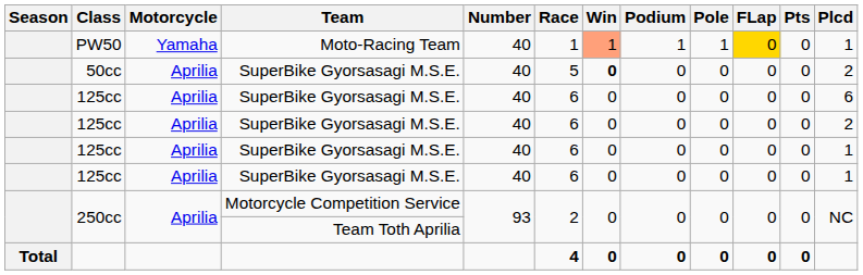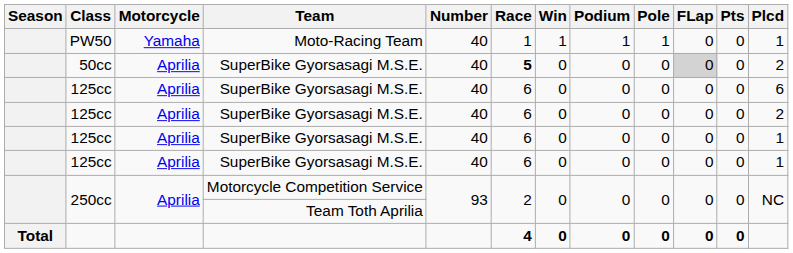 <table class="wikitable">
 <tr>
 <th>Season</th>
 <th>Class</th>
 <th>Motorcycle</th>
 <th>Team</th>
 <th>Number</th>
 <th>Race</th>
 <th>Win</th>
 <th>Podium</th>
 <th>Pole</th>
 <th>FLap</th>
 <th>Pts</th>
 <th>Plcd</th>
 </tr>
 <tr align="right">
 <th></th>
 <td>PW50</td>
 <td><a href='#'>Yamaha</a></td>
 <td>Moto-Racing Team</td>
 <td>40</td>
 <td>1</td>
-<td style="background: lightsalmon;">1</td>
 <td>1</td>
 <td>1</td>
-<td style="background: gold;">0</td>
+<td>1</td>
+<td>0</td>
 <td>0</td>
 <td>1</td>
 </tr>
 <tr align="right">
 <th></th>
 <td>50cc</td>
 <td><a href='#'>Aprilia</a></td>
 <td>SuperBike Gyorsasagi M.S.E.</td>
 <td>40</td>
-<td>5</td>
-<td><strong>0</strong></td>
+<td><strong>5</strong></td>
 <td>0</td>
 <td>0</td>
 <td>0</td>
+<td style="background: lightgrey;">0</td>
 <td>0</td>
 <td>2</td>
 </tr>
 <tr align="right">
 <th></th>
 <td>125cc</td>
 <td><a href='#'>Aprilia</a></td>
 <td>SuperBike Gyorsasagi M.S.E.</td>
 <td>40</td>
 <td>6</td>
 <td>0</td>
 <td>0</td>
 <td>0</td>
 <td>0</td>
 <td>0</td>
 <td>6</td>
 </tr>
 <tr align="right">
 <th></th>
 <td>125cc</td>
 <td><a href='#'>Aprilia</a></td>
 <td>SuperBike Gyorsasagi M.S.E.</td>
 <td>40</td>
 <td>6</td>
 <td>0</td>
 <td>0</td>
 <td>0</td>
 <td>0</td>
 <td>0</td>
 <td>2</td>
 </tr>
 <tr align="right">
 <th></th>
 <td>125cc</td>
 <td><a href='#'>Aprilia</a></td>
 <td>SuperBike Gyorsasagi M.S.E.</td>
 <td>40</td>
 <td>6</td>
 <td>0</td>
 <td>0</td>
 <td>0</td>
 <td>0</td>
 <td>0</td>
 <td>1</td>
 </tr>
 <tr align="right">
 <th></th>
 <td>125cc</td>
 <td><a href='#'>Aprilia</a></td>
 <td>SuperBike Gyorsasagi M.S.E.</td>
 <td>40</td>
 <td>6</td>
 <td>0</td>
 <td>0</td>
 <td>0</td>
 <td>0</td>
 <td>0</td>
 <td>1</td>
 </tr>
 <tr align="right">
 <th rowspan=2></th>
 <td rowspan=2>250cc</td>
 <td rowspan=2><a href='#'>Aprilia</a></td>
 <td>Motorcycle Competition Service</td>
 <td rowspan=2>93</td>
 <td rowspan=2>2</td>
 <td rowspan=2>0</td>
 <td rowspan=2>0</td>
 <td rowspan=2>0</td>
 <td rowspan=2>0</td>
 <td rowspan=2>0</td>
 <td rowspan=2>NC</td>
 </tr>
 <tr align="right">
 <td>Team Toth Aprilia</td>
 </tr>
 <tr align="right">
 <th>Total</th>
 <td></td>
 <td></td>
 <td></td>
 <td></td>
 <td><strong>4</strong></td>
 <td><strong>0</strong></td>
 <td><strong>0</strong></td>
 <td><strong>0</strong></td>
 <td><strong>0</strong></td>
 <td><strong>0</strong></td>
 <td></td>
 </tr>
 </table>
